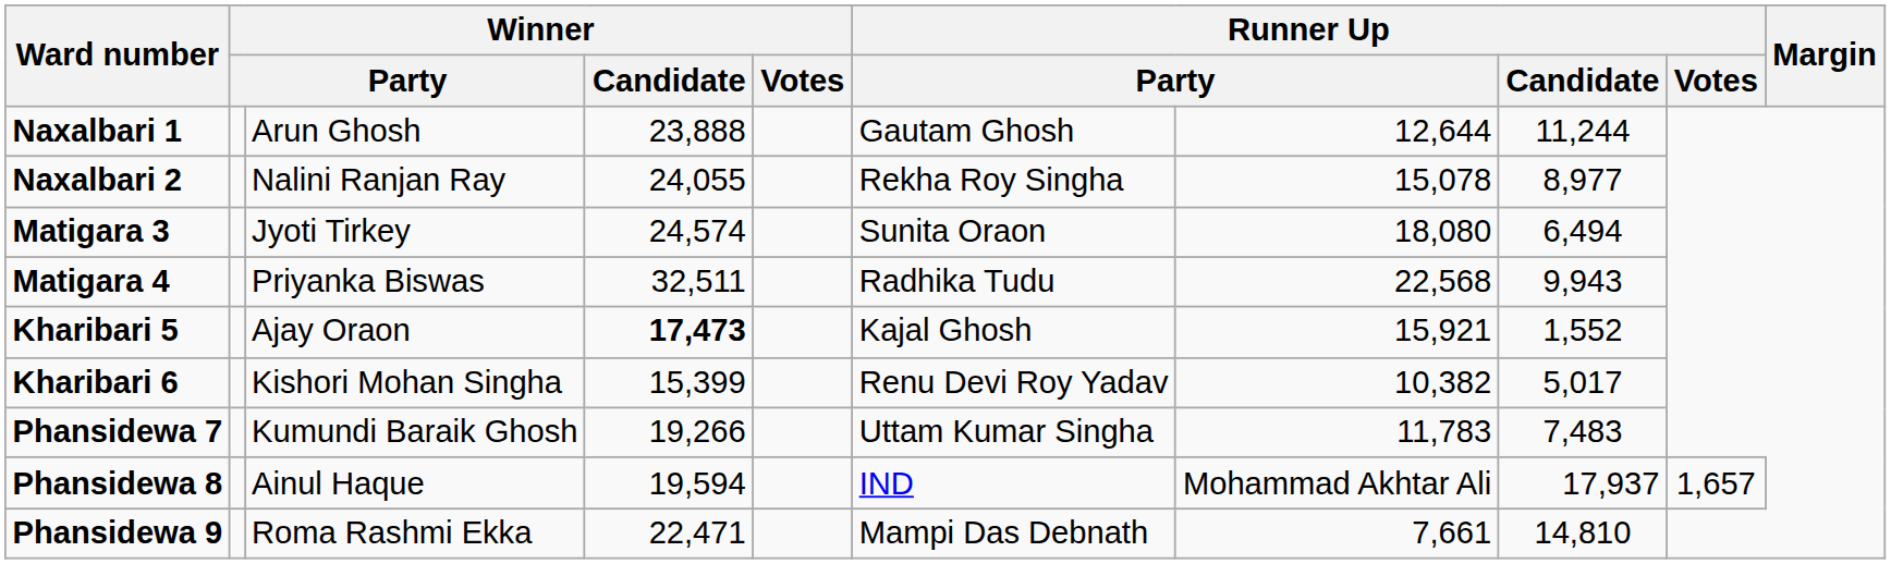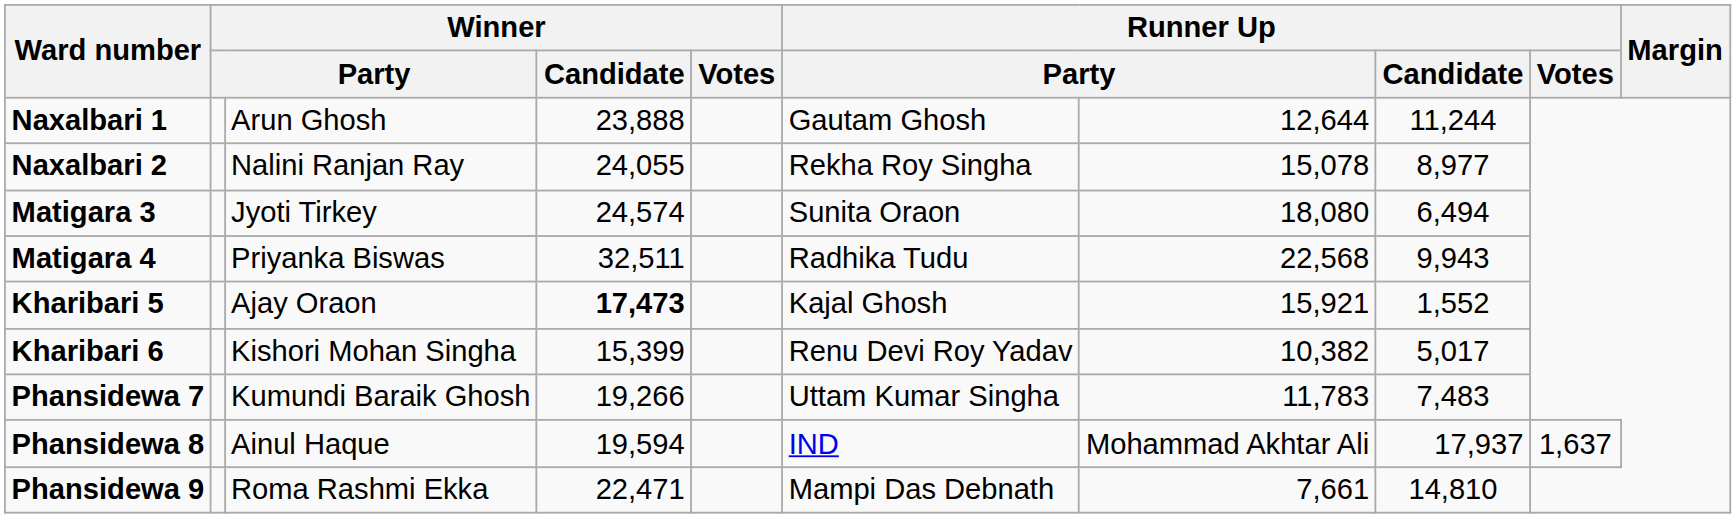 <table class="wikitable sortable">
 <tr>
 <th colspan="1" rowspan="2">Ward number</th>
 <th colspan="4">Winner</th>
 <th colspan="4">Runner Up</th>
 <th rowspan="2">Margin</th>
 </tr>
 <tr>
 <th colspan="2">Party</th>
 <th>Candidate</th>
 <th>Votes</th>
 <th colspan="2">Party</th>
 <th>Candidate</th>
 <th>Votes</th>
 </tr>
 <tr>
 <td><strong>Naxalbari 1</strong></td>
 <td></td>
 <td>Arun Ghosh</td>
 <td style="text-align:right">23,888</td>
 <td></td>
 <td>Gautam Ghosh</td>
 <td style="text-align:right">12,644</td>
 <td style="text-align:center; background:">11,244</td>
 </tr>
 <tr>
 <td><strong>Naxalbari 2</strong></td>
 <td></td>
 <td>Nalini Ranjan Ray</td>
 <td style="text-align:right">24,055</td>
 <td></td>
 <td>Rekha Roy Singha</td>
 <td style="text-align:right">15,078</td>
 <td style="text-align:center; background:">8,977</td>
 </tr>
 <tr>
 <td><strong>Matigara 3</strong></td>
 <td></td>
 <td>Jyoti Tirkey</td>
 <td style="text-align:right">24,574</td>
 <td></td>
 <td>Sunita Oraon</td>
 <td style="text-align:right">18,080</td>
 <td style="text-align:center; background:">6,494</td>
 </tr>
 <tr>
 <td><strong>Matigara 4</strong></td>
 <td></td>
 <td>Priyanka Biswas</td>
 <td style="text-align:right">32,511</td>
 <td></td>
 <td>Radhika Tudu</td>
 <td style="text-align:right">22,568</td>
 <td style="text-align:center; background:">9,943</td>
 </tr>
 <tr>
 <td><strong>Kharibari 5</strong></td>
 <td></td>
 <td>Ajay Oraon</td>
 <td style="text-align:right"><strong>17,473</strong></td>
 <td></td>
 <td>Kajal Ghosh</td>
 <td style="text-align:right">15,921</td>
 <td style="text-align:center; background:">1,552</td>
 </tr>
 <tr>
 <td><strong>Kharibari 6</strong></td>
 <td></td>
 <td>Kishori Mohan Singha</td>
 <td style="text-align:right">15,399</td>
 <td></td>
 <td>Renu Devi Roy Yadav</td>
 <td style="text-align:right">10,382</td>
 <td style="text-align:center; background:">5,017</td>
 </tr>
 <tr>
 <td><strong>Phansidewa 7</strong></td>
 <td></td>
 <td>Kumundi Baraik Ghosh</td>
 <td style="text-align:right">19,266</td>
 <td></td>
 <td>Uttam Kumar Singha</td>
 <td style="text-align:right">11,783</td>
 <td style="text-align:center; background:">7,483</td>
 </tr>
 <tr>
 <td><strong>Phansidewa 8</strong></td>
 <td></td>
 <td>Ainul Haque</td>
 <td style="text-align:right">19,594</td>
 <td style="background-color:"></td>
 <td><a href='#'>IND</a></td>
 <td>Mohammad Akhtar Ali</td>
 <td style="text-align:right">17,937</td>
-<td style="text-align:center; background:">1,657</td>
+<td style="text-align:center; background:">1,637</td>
 </tr>
 <tr>
 <td><strong>Phansidewa 9</strong></td>
 <td></td>
 <td>Roma Rashmi Ekka</td>
 <td style="text-align:right">22,471</td>
 <td></td>
 <td>Mampi Das Debnath</td>
 <td style="text-align:right">7,661</td>
 <td style="text-align:center; background:">14,810</td>
 </tr>
 </table>
